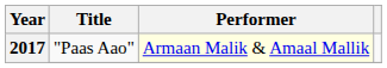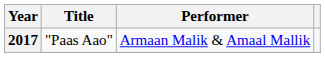 <table class="wikitable plainrowheaders sortable">
 <tr>
 <th scope="col">Year</th>
 <th scope="col">Title</th>
 <th scope="col">Performer</th>
 <th scope="col" class="unsortable"></th>
 </tr>
 <tr>
 <th scope="row" rowspan="2">2017</th>
 <td>"Paas Aao"</td>
-<td style="background: lightyellow;"><a href='#'>Armaan Malik</a> & <a href='#'>Amaal Mallik</a></td>
+<td><a href='#'>Armaan Malik</a> & <a href='#'>Amaal Mallik</a></td>
 <td></td>
 </tr>
 <tr>
 </tr>
 </table>
